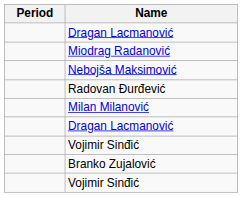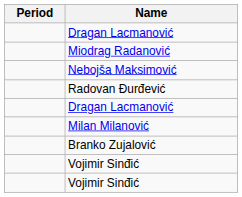 <table class="wikitable">
 <tr>
 <th width="75">Period</th>
 <th width="225">Name</th>
 </tr>
 <tr>
 <td></td>
 <td> <a href='#'>Dragan Lacmanović</a></td>
 </tr>
 <tr>
 <td></td>
 <td> <a href='#'>Miodrag Radanović</a></td>
 </tr>
 <tr>
 <td></td>
 <td> <a href='#'>Nebojša Maksimović</a></td>
 </tr>
 <tr>
 <td></td>
 <td> Radovan Đurđević</td>
 </tr>
 <tr>
 <td></td>
-<td> <a href='#'>Milan Milanović</a></td>
-</tr>
-<tr>
-<td></td>
 <td> <a href='#'>Dragan Lacmanović</a></td>
 </tr>
 <tr>
 <td></td>
-<td> Vojimir Sinđić</td>
+<td> <a href='#'>Milan Milanović</a></td>
 </tr>
 <tr>
 <td></td>
 <td> Branko Zujalović</td>
 </tr>
 <tr>
 <td></td>
 <td> Vojimir Sinđić</td>
 </tr>
+<tr>
+<td></td>
+<td> Vojimir Sinđić</td>
+</tr>
 </table>
